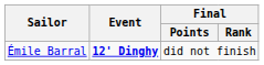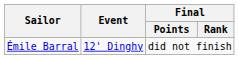 <table class=wikitable style="font-size:90%">
 <tr>
 <th rowspan=2>Sailor</th>
 <th rowspan=2>Event</th>
 <th colspan=2>Final</th>
 </tr>
 <tr>
 <th>Points</th>
 <th>Rank</th>
 </tr>
 <tr>
 <td><a href='#'>Émile Barral</a></td>
-<td><strong><a href='#'>12' Dinghy</a></strong></td>
+<td><a href='#'>12' Dinghy</a></td>
 <td align=center colspan=2>did not finish</td>
 </tr>
 </table>
